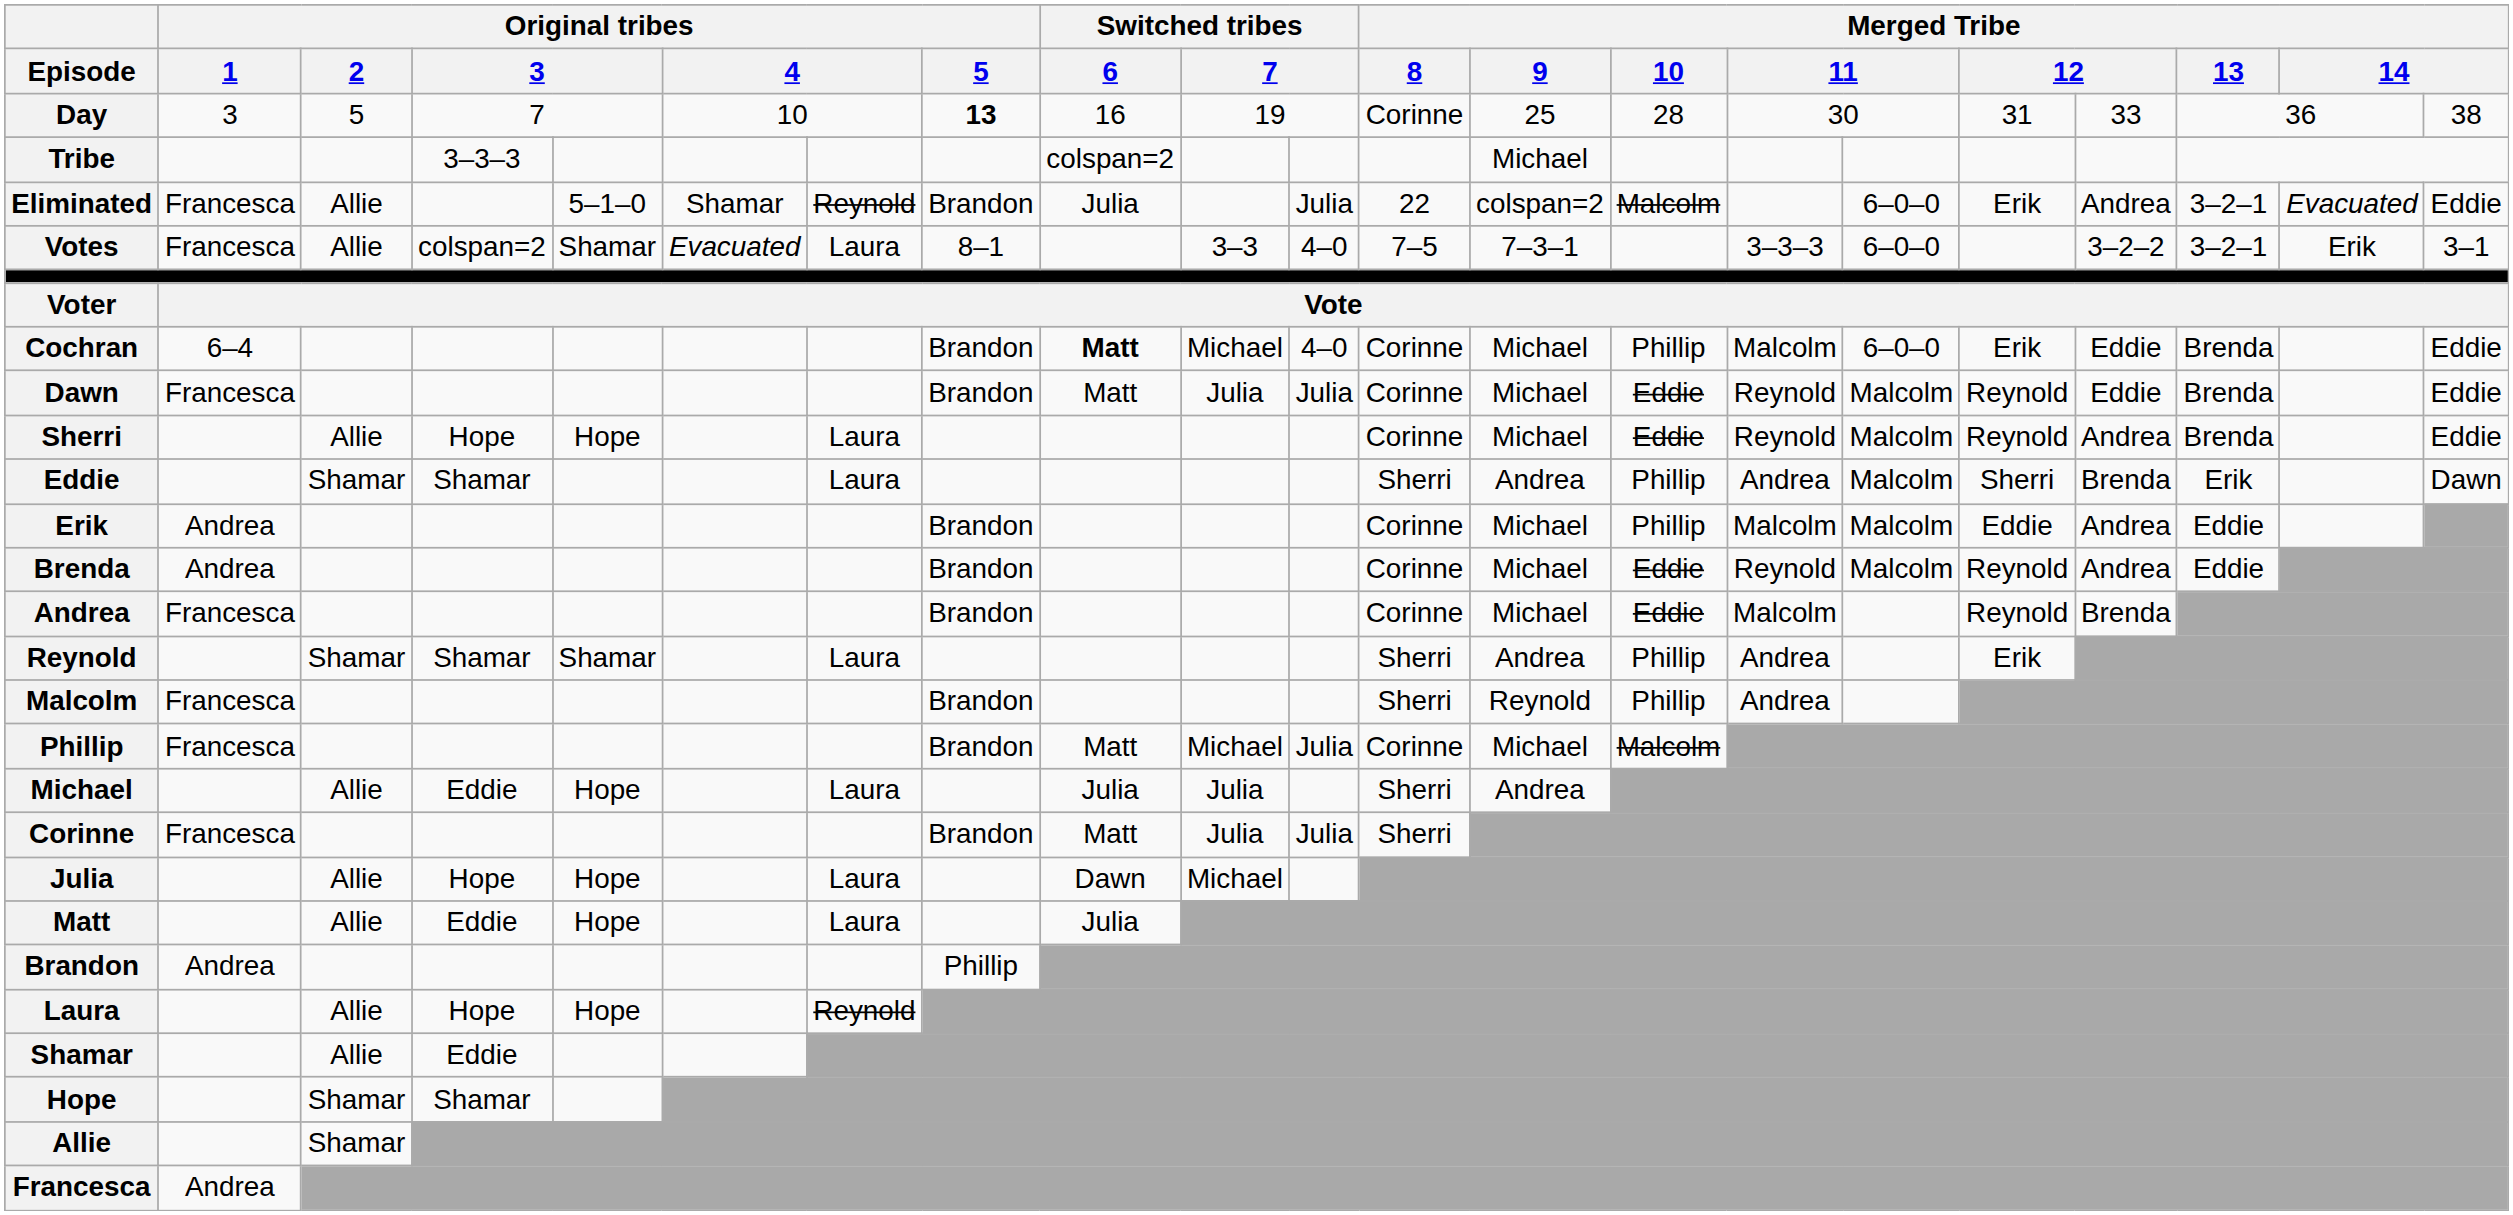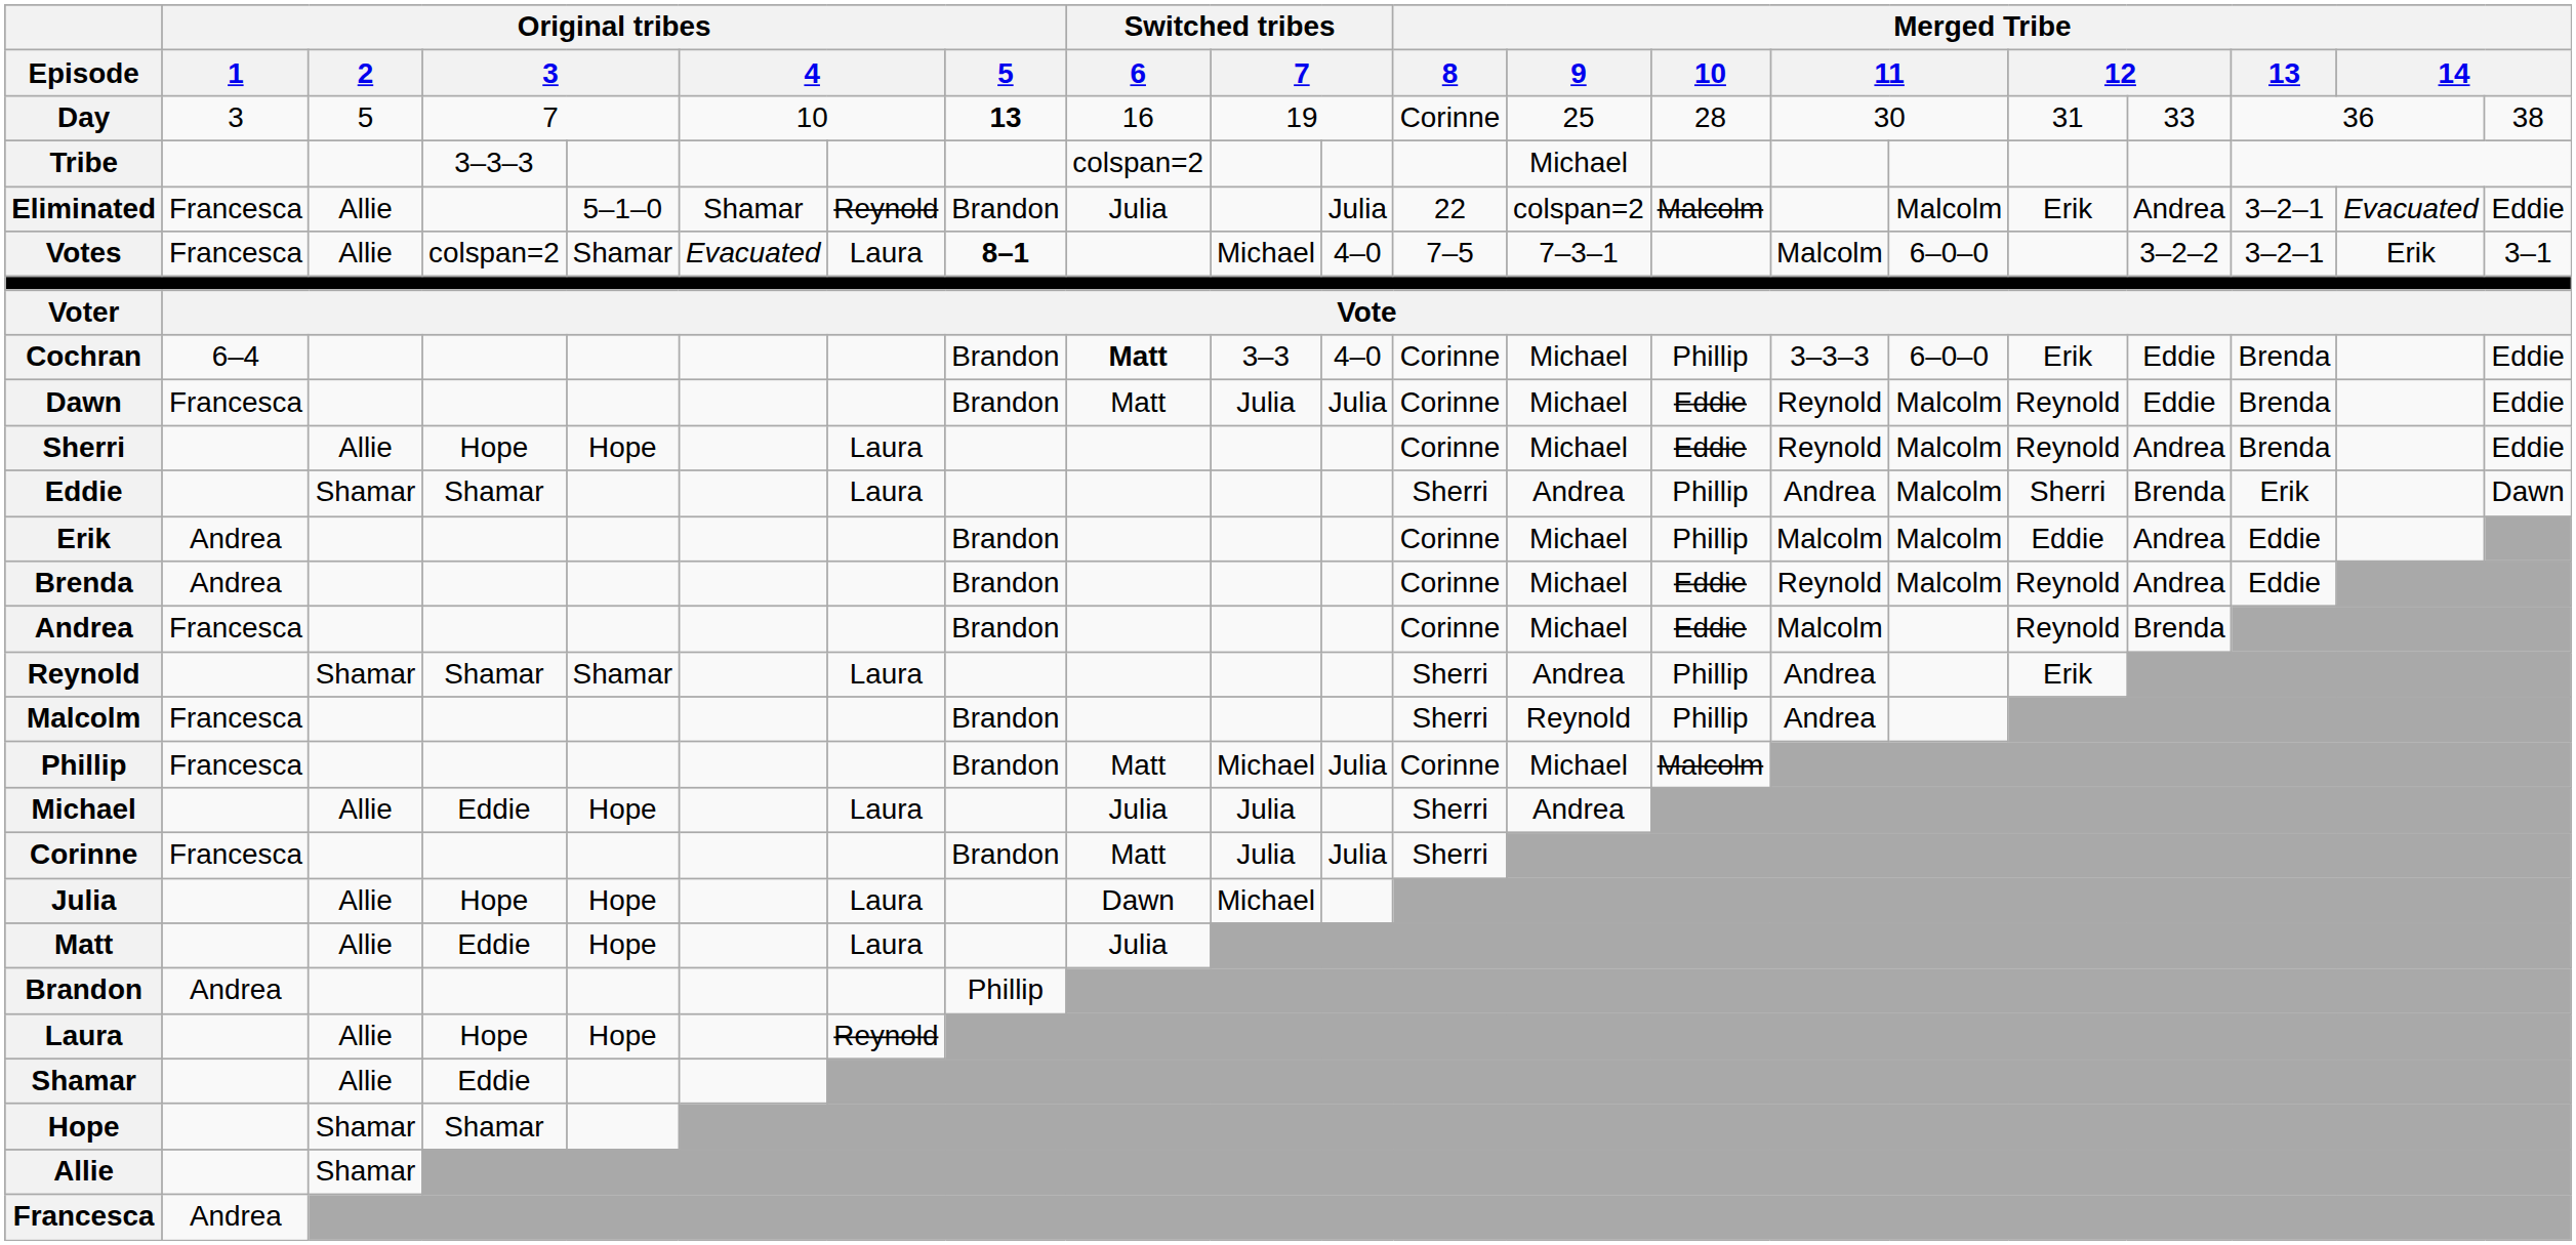 <table class="wikitable" style="text-align:center; width:100%">
 <tr>
 <th></th>
 <th colspan=7>Original tribes</th>
 <th colspan=3>Switched tribes</th>
 <th colspan=10>Merged Tribe</th>
 </tr>
 <tr>
 <th>Episode</th>
 <th><a href='#'>1</a></th>
 <th><a href='#'>2</a></th>
 <th colspan=2><a href='#'>3</a></th>
 <th colspan=2><a href='#'>4</a></th>
 <th><a href='#'>5</a></th>
 <th><a href='#'>6</a></th>
 <th colspan=2><a href='#'>7</a></th>
 <th><a href='#'>8</a></th>
 <th><a href='#'>9</a></th>
 <th><a href='#'>10</a></th>
 <th colspan=2><a href='#'>11</a></th>
 <th colspan=2><a href='#'>12</a></th>
 <th><a href='#'>13</a></th>
 <th colspan=2><a href='#'>14</a></th>
 </tr>
 <tr>
 <th>Day</th>
 <td>3</td>
 <td>5</td>
 <td colspan=2>7</td>
 <td colspan=2>10</td>
 <td><strong>13</strong></td>
 <td>16</td>
 <td colspan=2>19</td>
 <td>Corinne</td>
 <td>25</td>
 <td>28</td>
 <td colspan=2>30</td>
 <td>31</td>
 <td>33</td>
 <td colspan=2>36</td>
 <td>38</td>
 </tr>
 <tr>
 <th>Tribe</th>
 <td></td>
 <td></td>
 <td>3–3–3</td>
 <td></td>
 <td></td>
 <td></td>
 <td></td>
 <td>colspan=2 </td>
 <td></td>
 <td></td>
 <td></td>
 <td>Michael</td>
 <td></td>
 <td></td>
 <td></td>
 <td></td>
 <td></td>
 </tr>
 <tr>
 <th>Eliminated</th>
 <td>Francesca</td>
 <td>Allie</td>
 <td></td>
 <td>5–1–0</td>
 <td>Shamar</td>
 <td><s>Reynold</s></td>
 <td>Brandon</td>
 <td>Julia</td>
 <td></td>
 <td>Julia</td>
 <td>22</td>
 <td>colspan=2 </td>
 <td><s>Malcolm</s></td>
 <td></td>
-<td>6–0–0</td>
+<td>Malcolm</td>
 <td>Erik</td>
 <td>Andrea</td>
 <td>3–2–1</td>
 <td><em>Evacuated</em></td>
 <td>Eddie</td>
 </tr>
 <tr>
 <th>Votes</th>
 <td>Francesca</td>
 <td>Allie</td>
 <td>colspan=2 </td>
 <td>Shamar</td>
 <td><em>Evacuated</em></td>
 <td>Laura</td>
-<td>8–1</td>
+<td><strong>8–1</strong></td>
 <td></td>
-<td>3–3</td>
+<td>Michael</td>
 <td>4–0</td>
 <td>7–5</td>
 <td>7–3–1</td>
 <td></td>
-<td>3–3–3</td>
+<td>Malcolm</td>
 <td>6–0–0</td>
 <td></td>
 <td>3–2–2</td>
 <td>3–2–1</td>
 <td>Erik</td>
 <td>3–1</td>
 </tr>
 <tr>
 <td colspan="23" style="background:black;"></td>
 </tr>
 <tr>
 <th>Voter</th>
 <th colspan=20>Vote</th>
 </tr>
 <tr>
 <th>Cochran</th>
 <td>6–4</td>
 <td></td>
 <td></td>
 <td></td>
 <td></td>
 <td></td>
 <td>Brandon</td>
 <td><strong>Matt</strong></td>
-<td>Michael</td>
+<td>3–3</td>
 <td>4–0</td>
 <td>Corinne</td>
 <td>Michael</td>
 <td>Phillip</td>
-<td>Malcolm</td>
+<td>3–3–3</td>
 <td>6–0–0</td>
 <td>Erik</td>
 <td>Eddie</td>
 <td>Brenda</td>
 <td></td>
 <td>Eddie</td>
 </tr>
 <tr>
 <th>Dawn</th>
 <td>Francesca</td>
 <td></td>
 <td></td>
 <td></td>
 <td></td>
 <td></td>
 <td>Brandon</td>
 <td>Matt</td>
 <td>Julia</td>
 <td>Julia</td>
 <td>Corinne</td>
 <td>Michael</td>
 <td><s>Eddie</s></td>
 <td>Reynold</td>
 <td>Malcolm</td>
 <td>Reynold</td>
 <td>Eddie</td>
 <td>Brenda</td>
 <td></td>
 <td>Eddie</td>
 </tr>
 <tr>
 <th>Sherri</th>
 <td></td>
 <td>Allie</td>
 <td>Hope</td>
 <td>Hope</td>
 <td></td>
 <td>Laura</td>
 <td></td>
 <td></td>
 <td></td>
 <td></td>
 <td>Corinne</td>
 <td>Michael</td>
 <td><s>Eddie</s></td>
 <td>Reynold</td>
 <td>Malcolm</td>
 <td>Reynold</td>
 <td>Andrea</td>
 <td>Brenda</td>
 <td></td>
 <td>Eddie</td>
 </tr>
 <tr>
 <th>Eddie</th>
 <td></td>
 <td>Shamar</td>
 <td>Shamar</td>
 <td></td>
 <td></td>
 <td>Laura</td>
 <td></td>
 <td></td>
 <td></td>
 <td></td>
 <td>Sherri</td>
 <td>Andrea</td>
 <td>Phillip</td>
 <td>Andrea</td>
 <td>Malcolm</td>
 <td>Sherri</td>
 <td>Brenda</td>
 <td>Erik</td>
 <td></td>
 <td>Dawn</td>
 </tr>
 <tr>
 <th>Erik</th>
 <td>Andrea</td>
 <td></td>
 <td></td>
 <td></td>
 <td></td>
 <td></td>
 <td>Brandon</td>
 <td></td>
 <td></td>
 <td></td>
 <td>Corinne</td>
 <td>Michael</td>
 <td>Phillip</td>
 <td>Malcolm</td>
 <td>Malcolm</td>
 <td>Eddie</td>
 <td>Andrea</td>
 <td>Eddie</td>
 <td></td>
 <td style="background:darkgrey;"></td>
 </tr>
 <tr>
 <th>Brenda</th>
 <td>Andrea</td>
 <td></td>
 <td></td>
 <td></td>
 <td></td>
 <td></td>
 <td>Brandon</td>
 <td></td>
 <td></td>
 <td></td>
 <td>Corinne</td>
 <td>Michael</td>
 <td><s>Eddie</s></td>
 <td>Reynold</td>
 <td>Malcolm</td>
 <td>Reynold</td>
 <td>Andrea</td>
 <td>Eddie</td>
 <td colspan="2" style="background:darkgrey;"></td>
 </tr>
 <tr>
 <th>Andrea</th>
 <td>Francesca</td>
 <td></td>
 <td></td>
 <td></td>
 <td></td>
 <td></td>
 <td>Brandon</td>
 <td></td>
 <td></td>
 <td></td>
 <td>Corinne</td>
 <td>Michael</td>
 <td><s>Eddie</s></td>
 <td>Malcolm</td>
 <td></td>
 <td>Reynold</td>
 <td>Brenda</td>
 <td colspan="3" style="background:darkgrey;"></td>
 </tr>
 <tr>
 <th>Reynold</th>
 <td></td>
 <td>Shamar</td>
 <td>Shamar</td>
 <td>Shamar</td>
 <td></td>
 <td>Laura</td>
 <td></td>
 <td></td>
 <td></td>
 <td></td>
 <td>Sherri</td>
 <td>Andrea</td>
 <td>Phillip</td>
 <td>Andrea</td>
 <td></td>
 <td>Erik</td>
 <td colspan="4" style="background:darkgrey;"></td>
 </tr>
 <tr>
 <th>Malcolm</th>
 <td>Francesca</td>
 <td></td>
 <td></td>
 <td></td>
 <td></td>
 <td></td>
 <td>Brandon</td>
 <td></td>
 <td></td>
 <td></td>
 <td>Sherri</td>
 <td>Reynold</td>
 <td>Phillip</td>
 <td>Andrea</td>
 <td></td>
 <td colspan="5" style="background:darkgrey;"></td>
 </tr>
 <tr>
 <th>Phillip</th>
 <td>Francesca</td>
 <td></td>
 <td></td>
 <td></td>
 <td></td>
 <td></td>
 <td>Brandon</td>
 <td>Matt</td>
 <td>Michael</td>
 <td>Julia</td>
 <td>Corinne</td>
 <td>Michael</td>
 <td><s>Malcolm</s></td>
 <td colspan="7" style="background:darkgrey;"></td>
 </tr>
 <tr>
 <th>Michael</th>
 <td></td>
 <td>Allie</td>
 <td>Eddie</td>
 <td>Hope</td>
 <td></td>
 <td>Laura</td>
 <td></td>
 <td>Julia</td>
 <td>Julia</td>
 <td></td>
 <td>Sherri</td>
 <td>Andrea</td>
 <td colspan="8" style="background:darkgrey;"></td>
 </tr>
 <tr>
 <th>Corinne</th>
 <td>Francesca</td>
 <td></td>
 <td></td>
 <td></td>
 <td></td>
 <td></td>
 <td>Brandon</td>
 <td>Matt</td>
 <td>Julia</td>
 <td>Julia</td>
 <td>Sherri</td>
 <td colspan="9" style="background:darkgrey;"></td>
 </tr>
 <tr>
 <th>Julia</th>
 <td></td>
 <td>Allie</td>
 <td>Hope</td>
 <td>Hope</td>
 <td></td>
 <td>Laura</td>
 <td></td>
 <td>Dawn</td>
 <td>Michael</td>
 <td></td>
 <td colspan="10" style="background:darkgrey;"></td>
 </tr>
 <tr>
 <th>Matt</th>
 <td></td>
 <td>Allie</td>
 <td>Eddie</td>
 <td>Hope</td>
 <td></td>
 <td>Laura</td>
 <td></td>
 <td>Julia</td>
 <td colspan="12" style="background:darkgrey;"></td>
 </tr>
 <tr>
 <th>Brandon</th>
 <td>Andrea</td>
 <td></td>
 <td></td>
 <td></td>
 <td></td>
 <td></td>
 <td>Phillip</td>
 <td colspan="13" style="background:darkgrey;"></td>
 </tr>
 <tr>
 <th>Laura</th>
 <td></td>
 <td>Allie</td>
 <td>Hope</td>
 <td>Hope</td>
 <td></td>
 <td><s>Reynold</s></td>
 <td colspan="14" style="background:darkgrey;"></td>
 </tr>
 <tr>
 <th>Shamar</th>
 <td></td>
 <td>Allie</td>
 <td>Eddie</td>
 <td></td>
 <td></td>
 <td colspan="15" style="background:darkgrey;"></td>
 </tr>
 <tr>
 <th>Hope</th>
 <td></td>
 <td>Shamar</td>
 <td>Shamar</td>
 <td></td>
 <td colspan="16" style="background:darkgrey;"></td>
 </tr>
 <tr>
 <th>Allie</th>
 <td></td>
 <td>Shamar</td>
 <td colspan="18" style="background:darkgrey;"></td>
 </tr>
 <tr>
 <th>Francesca</th>
 <td>Andrea</td>
 <td colspan="19" style="background:darkgrey;"></td>
 </tr>
 </table>
